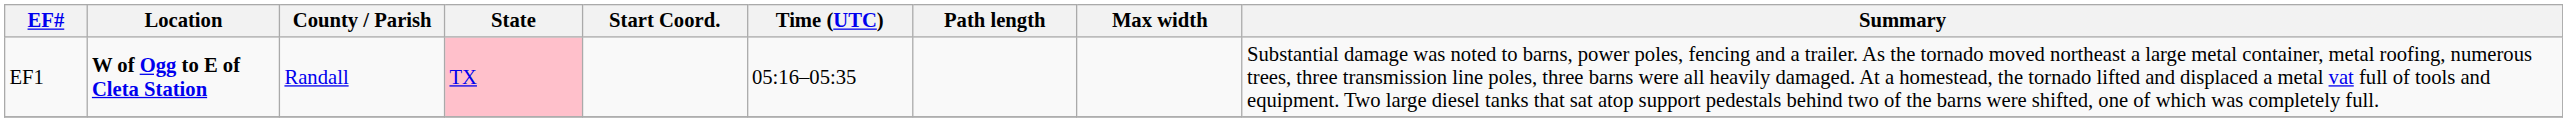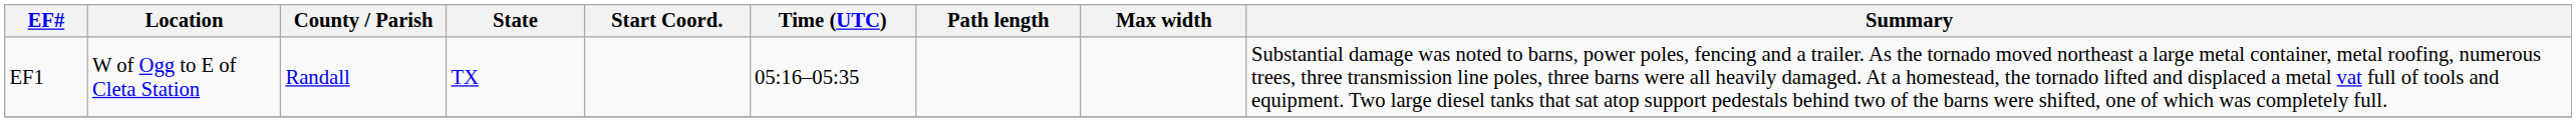 <table class="wikitable sortable" style="width:100%;">
 <tr>
 <th scope="col"  style="width:3%; text-align:center;"><a href='#'>EF#</a></th>
 <th scope="col"  style="width:7%; text-align:center;" class="unsortable">Location</th>
 <th scope="col"  style="width:6%; text-align:center;" class="unsortable">County / Parish</th>
 <th scope="col"  style="width:5%; text-align:center;">State</th>
 <th scope="col"  style="width:6%; text-align:center;">Start Coord.</th>
 <th scope="col"  style="width:6%; text-align:center;">Time (<a href='#'>UTC</a>)</th>
 <th scope="col"  style="width:6%; text-align:center;">Path length</th>
 <th scope="col"  style="width:6%; text-align:center;">Max width</th>
 <th scope="col" class="unsortable" style="width:48%; text-align:center;">Summary</th>
 </tr>
 <tr>
 <td>EF1</td>
-<td><strong>W of <a href='#'>Ogg</a> to E of <a href='#'>Cleta Station</a></strong></td>
+<td>W of <a href='#'>Ogg</a> to E of <a href='#'>Cleta Station</a></td>
 <td><a href='#'>Randall</a></td>
-<td style="background: pink;"><a href='#'>TX</a></td>
+<td><a href='#'>TX</a></td>
 <td></td>
 <td>05:16–05:35</td>
 <td></td>
 <td></td>
 <td>Substantial damage was noted to barns, power poles, fencing and a trailer. As the tornado moved northeast a large metal container, metal roofing, numerous trees, three transmission line poles, three barns were all heavily damaged.  At a homestead, the tornado lifted and displaced a metal <a href='#'>vat</a> full of tools and equipment. Two large diesel tanks that sat atop support pedestals behind two of the barns were shifted, one of which was completely full.</td>
 </tr>
 <tr>
 </tr>
 </table>
